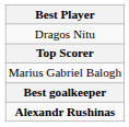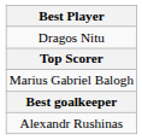 <table class="wikitable" style="margin:auto;text-align:center">
 <tr>
 <th>Best Player</th>
 </tr>
 <tr>
 <td> Dragos Nitu</td>
 </tr>
 <tr>
 <th>Top Scorer</th>
 </tr>
 <tr>
 <td> Marius Gabriel Balogh<br></td>
 </tr>
 <tr>
 <th>Best goalkeeper</th>
 </tr>
 <tr>
-<td><strong> Alexandr Rushinas</strong></td>
+<td> Alexandr Rushinas</td>
 </tr>
 </table>
